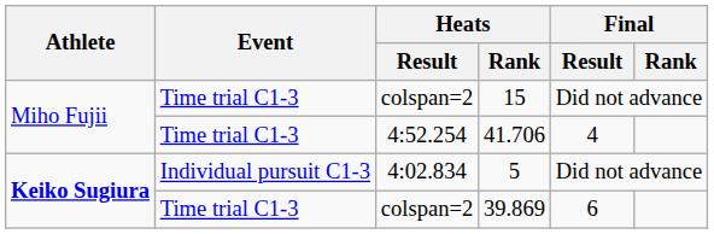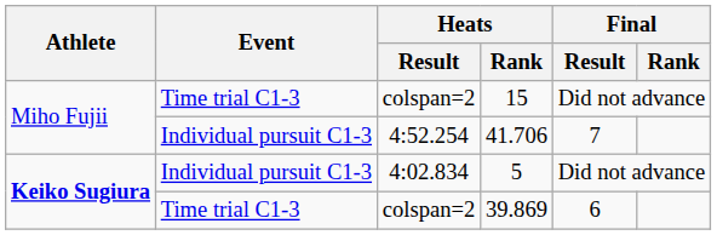 <table class=wikitable style="font-size:90%">
 <tr>
 <th rowspan="2">Athlete</th>
 <th rowspan="2">Event</th>
 <th colspan="2">Heats</th>
 <th colspan="2">Final</th>
 </tr>
 <tr>
 <th>Result</th>
 <th>Rank</th>
 <th>Result</th>
 <th>Rank</th>
 </tr>
 <tr align=center>
 <td align=left rowspan=2><a href='#'>Miho Fujii</a></td>
 <td align=left><a href='#'>Time trial C1-3</a></td>
 <td>colspan=2 </td>
 <td>15</td>
 <td colspan=2>Did not advance</td>
 </tr>
 <tr align=center>
-<td align=left><a href='#'>Time trial C1-3</a></td>
+<td align=left><a href='#'>Individual pursuit C1-3</a></td>
 <td>4:52.254</td>
 <td>41.706</td>
-<td>4</td>
+<td>7</td>
 </tr>
 <tr align=center>
 <td align=left rowspan=2><strong><a href='#'>Keiko Sugiura</a></strong></td>
 <td align=left><a href='#'>Individual pursuit C1-3</a></td>
 <td>4:02.834</td>
 <td>5</td>
 <td colspan=2>Did not advance</td>
 </tr>
 <tr align=center>
 <td align=left><a href='#'>Time trial C1-3</a></td>
 <td>colspan=2 </td>
 <td>39.869</td>
 <td>6</td>
 </tr>
 </table>
